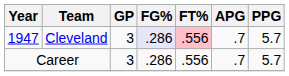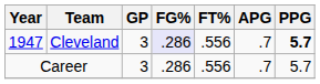 <table class="wikitable sortable" style="font-size:95%; text-align:right;">
 <tr>
 <th>Year</th>
 <th>Team</th>
 <th>GP</th>
 <th>FG%</th>
 <th>FT%</th>
 <th>APG</th>
 <th>PPG</th>
 </tr>
 <tr>
 <td style="text-align:left;"><a href='#'>1947</a></td>
 <td style="text-align:left;"><a href='#'>Cleveland</a></td>
 <td>3</td>
 <td style="background: lavender;">.286</td>
-<td style="background: pink;">.556</td>
+<td>.556</td>
 <td>.7</td>
-<td>5.7</td>
+<td><strong>5.7</strong></td>
 </tr>
 <tr>
 <td style="text-align:center;" colspan="2">Career</td>
 <td>3</td>
 <td>.286</td>
 <td>.556</td>
 <td>.7</td>
 <td>5.7</td>
 </tr>
 <tr>
 </tr>
 </table>
